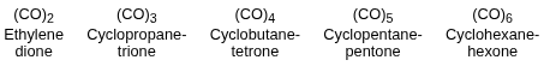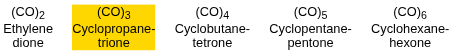 <table border=0 cellborder=0 cellpadding=0>
 <tr valign=middle>
 <td width="5"> </td>
 <td align=center></td>
 <td width="20"> </td>
 <td align=center></td>
 <td width="20"> </td>
 <td align=center></td>
 <td width="20"> </td>
 <td align=center></td>
 <td width="20"> </td>
 <td align=center></td>
 </tr>
 <tr>
 <td></td>
 <td align=center>(CO)<sub>2</sub><br>Ethylene<br>dione</td>
 <td></td>
-<td align=center>(CO)<sub>3</sub><br>Cyclopropane-<br>trione</td>
+<td align=center style="background: gold;">(CO)<sub>3</sub><br>Cyclopropane-<br>trione</td>
 <td></td>
 <td align=center>(CO)<sub>4</sub><br>Cyclobutane-<br>tetrone</td>
 <td></td>
 <td align=center>(CO)<sub>5</sub><br>Cyclopentane-<br>pentone</td>
 <td></td>
 <td align=center>(CO)<sub>6</sub><br>Cyclohexane-<br>hexone</td>
 </tr>
 </table>
